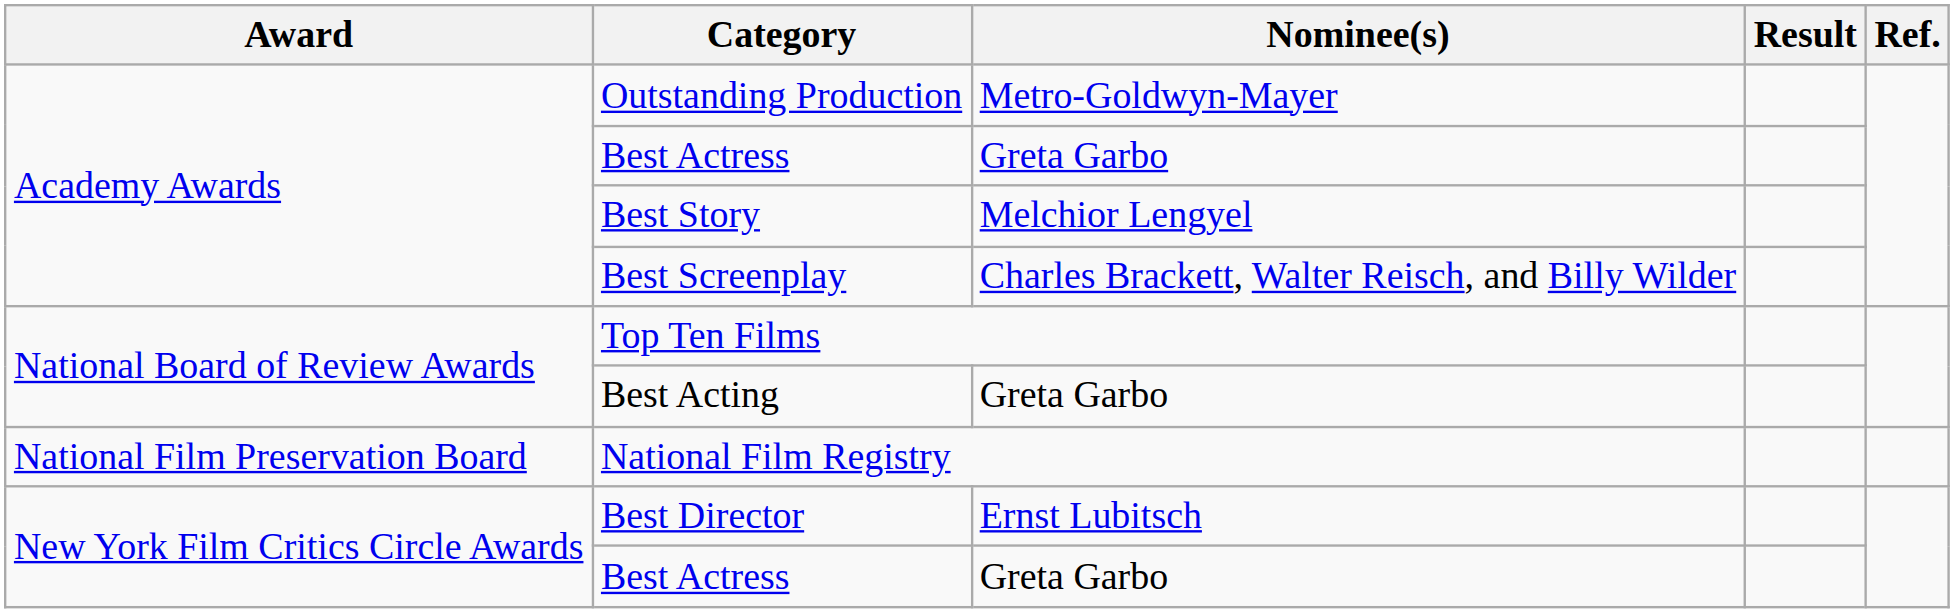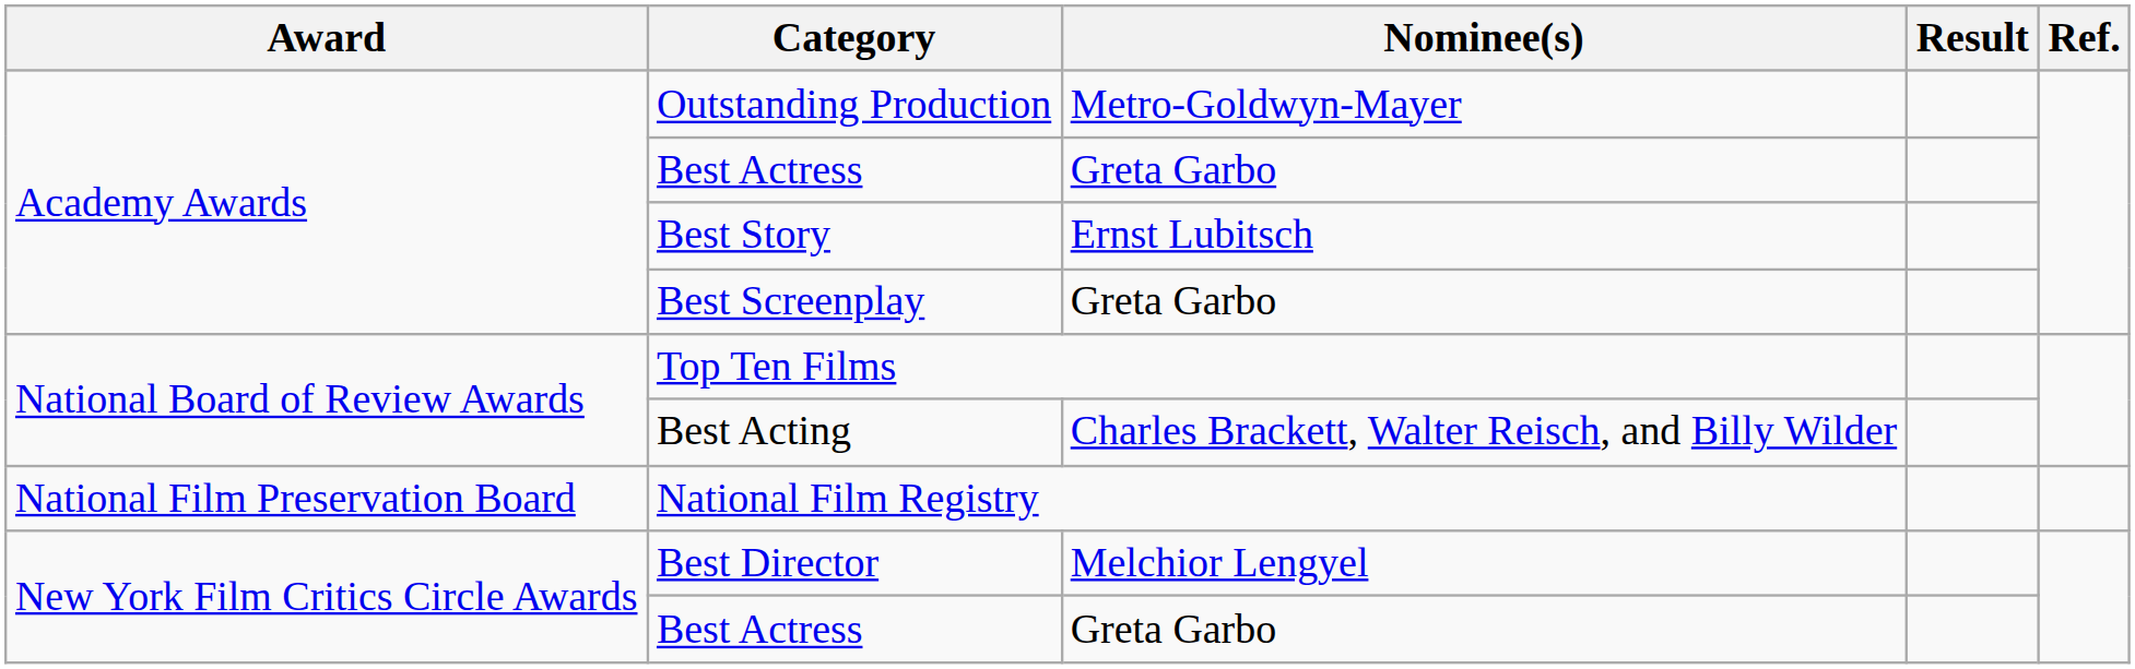 <table class="wikitable plainrowheaders">
 <tr>
 <th>Award</th>
 <th>Category</th>
 <th>Nominee(s)</th>
 <th>Result</th>
 <th>Ref.</th>
 </tr>
 <tr>
 <td rowspan="4"><a href='#'>Academy Awards</a></td>
 <td><a href='#'>Outstanding Production</a></td>
 <td><a href='#'>Metro-Goldwyn-Mayer</a></td>
 <td></td>
 <td align="center" rowspan="4"></td>
 </tr>
 <tr>
 <td><a href='#'>Best Actress</a></td>
 <td><a href='#'>Greta Garbo</a></td>
 <td></td>
 </tr>
 <tr>
 <td><a href='#'>Best Story</a></td>
-<td><a href='#'>Melchior Lengyel</a></td>
+<td><a href='#'>Ernst Lubitsch</a></td>
 <td></td>
 </tr>
 <tr>
 <td><a href='#'>Best Screenplay</a></td>
-<td><a href='#'>Charles Brackett</a>, <a href='#'>Walter Reisch</a>, and <a href='#'>Billy Wilder</a></td>
+<td>Greta Garbo</td>
 <td></td>
 </tr>
 <tr>
 <td rowspan="2"><a href='#'>National Board of Review Awards</a></td>
 <td colspan="2"><a href='#'>Top Ten Films</a></td>
 <td></td>
 <td align="center" rowspan="2"></td>
 </tr>
 <tr>
 <td>Best Acting</td>
-<td>Greta Garbo</td>
+<td><a href='#'>Charles Brackett</a>, <a href='#'>Walter Reisch</a>, and <a href='#'>Billy Wilder</a></td>
 <td></td>
 </tr>
 <tr>
 <td><a href='#'>National Film Preservation Board</a></td>
 <td colspan="2"><a href='#'>National Film Registry</a></td>
 <td></td>
 <td align="center"></td>
 </tr>
 <tr>
 <td rowspan="2"><a href='#'>New York Film Critics Circle Awards</a></td>
 <td><a href='#'>Best Director</a></td>
-<td><a href='#'>Ernst Lubitsch</a></td>
+<td><a href='#'>Melchior Lengyel</a></td>
 <td></td>
 <td align="center" rowspan="2"></td>
 </tr>
 <tr>
 <td><a href='#'>Best Actress</a></td>
 <td>Greta Garbo</td>
 <td></td>
 </tr>
 </table>
